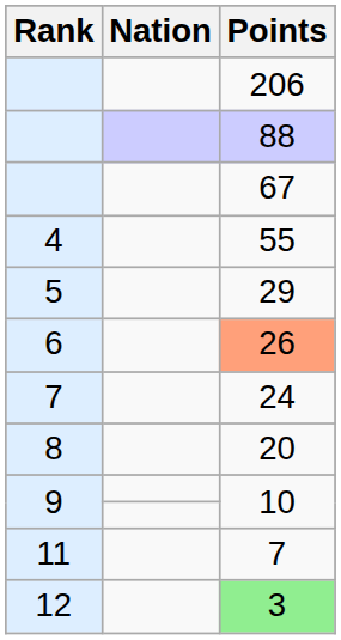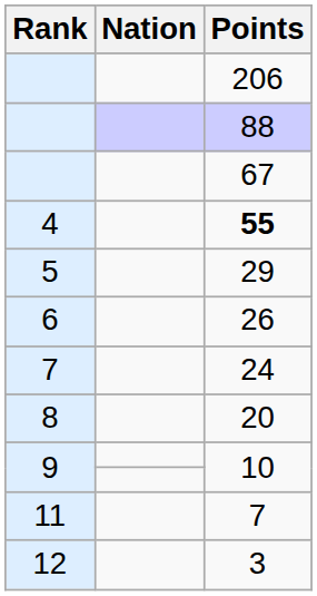 <table class="wikitable sortable" style="text-align:center">
 <tr>
 <th>Rank</th>
 <th>Nation</th>
 <th>Points</th>
 </tr>
 <tr>
 <td bgcolor = DDEEFF></td>
 <td align=left></td>
 <td>206</td>
 </tr>
 <tr style="background-color:#ccccff">
 <td bgcolor = DDEEFF></td>
 <td align=left></td>
 <td>88</td>
 </tr>
 <tr>
 <td bgcolor = DDEEFF></td>
 <td align=left></td>
 <td>67</td>
 </tr>
 <tr>
 <td bgcolor = DDEEFF>4</td>
 <td align=left></td>
-<td>55</td>
+<td><strong>55</strong></td>
 </tr>
 <tr>
 <td bgcolor = DDEEFF>5</td>
 <td align=left></td>
 <td>29</td>
 </tr>
 <tr>
 <td bgcolor = DDEEFF>6</td>
 <td align=left></td>
-<td style="background: lightsalmon;">26</td>
+<td>26</td>
 </tr>
 <tr>
 <td bgcolor = DDEEFF>7</td>
 <td align=left></td>
 <td>24</td>
 </tr>
 <tr>
 <td bgcolor = DDEEFF>8</td>
 <td align=left></td>
 <td>20</td>
 </tr>
 <tr>
 <td rowspan=2 bgcolor = DDEEFF>9</td>
 <td align=left></td>
 <td rowspan=2>10</td>
 </tr>
 <tr>
 <td align=left></td>
 </tr>
 <tr>
 <td bgcolor = DDEEFF>11</td>
 <td align=left></td>
 <td>7</td>
 </tr>
 <tr>
 <td bgcolor = DDEEFF>12</td>
 <td align=left></td>
-<td style="background: lightgreen;">3</td>
+<td>3</td>
 </tr>
 </table>
